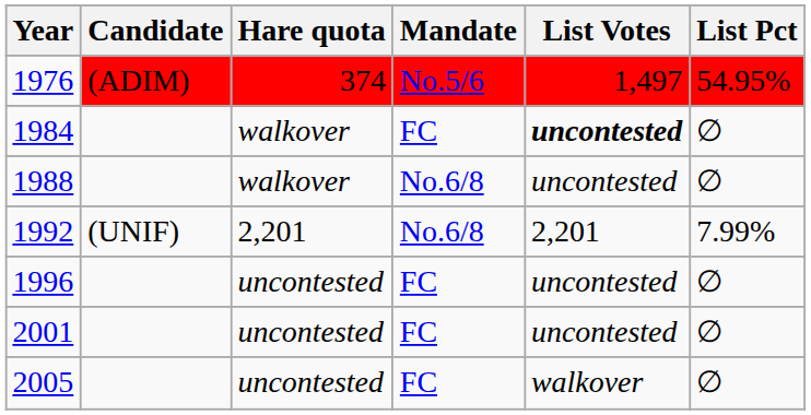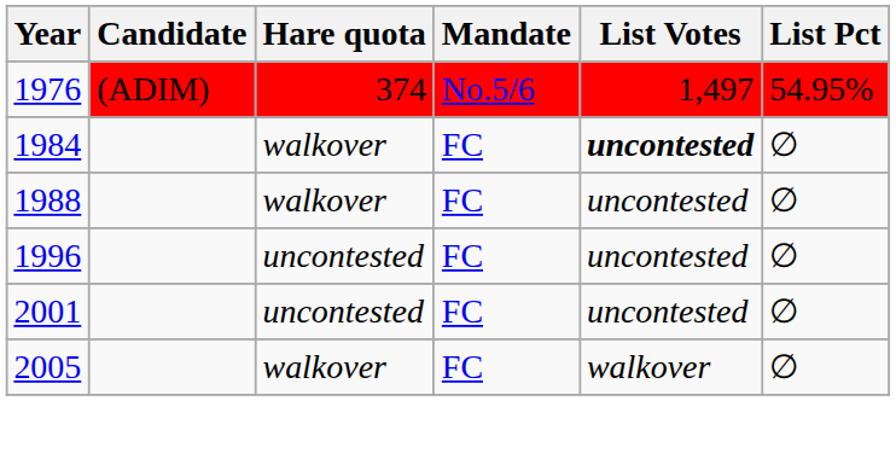 <table class="wikitable" style="margin:0.5em ; font-size:95%">
 <tr>
 <th>Year</th>
 <th>Candidate</th>
 <th>Hare quota</th>
 <th>Mandate</th>
 <th>List Votes</th>
 <th>List Pct</th>
 </tr>
 <tr>
 <td><a href='#'>1976</a></td>
 <td bgcolor="red"> (ADIM)</td>
 <td bgcolor="red" align="right">374</td>
 <td bgcolor="red"><a href='#'>No.5/6</a></td>
 <td bgcolor="red" align="right">1,497</td>
 <td bgcolor="red">54.95%</td>
 </tr>
 <tr>
 <td><a href='#'>1984</a></td>
 <td></td>
 <td><em>walkover</em></td>
 <td><a href='#'>FC</a></td>
 <td><strong><em>uncontested</em></strong></td>
 <td>∅</td>
 </tr>
 <tr>
 <td><a href='#'>1988</a></td>
 <td></td>
 <td><em>walkover</em></td>
-<td><a href='#'>No.6/8</a></td>
+<td><a href='#'>FC</a></td>
 <td><em>uncontested</em></td>
 <td>∅</td>
-</tr>
-<tr>
-<td><a href='#'>1992</a></td>
-<td> (UNIF)</td>
-<td>2,201</td>
-<td><a href='#'>No.6/8</a></td>
-<td>2,201</td>
-<td>7.99%</td>
 </tr>
 <tr>
 <td><a href='#'>1996</a></td>
 <td></td>
 <td><em>uncontested</em></td>
 <td><a href='#'>FC</a></td>
 <td><em>uncontested</em></td>
 <td>∅</td>
 </tr>
 <tr>
 <td><a href='#'>2001</a></td>
 <td></td>
 <td><em>uncontested</em></td>
 <td><a href='#'>FC</a></td>
 <td><em>uncontested</em></td>
 <td>∅</td>
 </tr>
 <tr>
 <td><a href='#'>2005</a></td>
 <td></td>
-<td><em>uncontested</em></td>
+<td><em>walkover</em></td>
 <td><a href='#'>FC</a></td>
 <td><em>walkover</em></td>
 <td>∅</td>
 </tr>
 </table>
